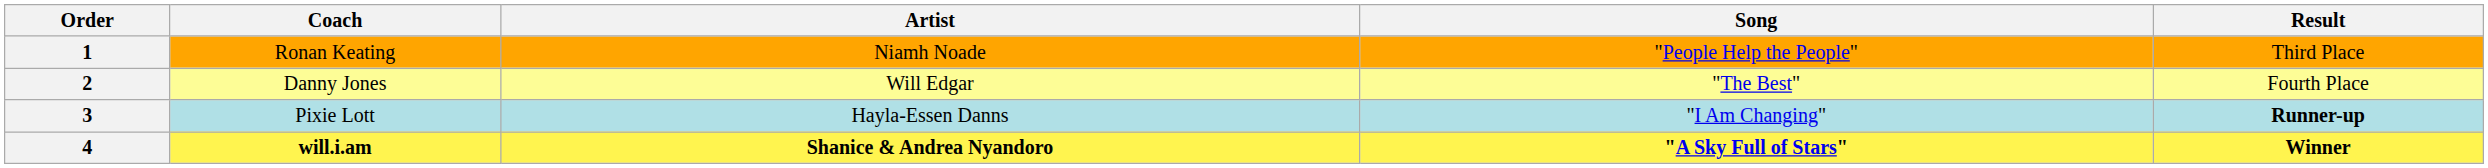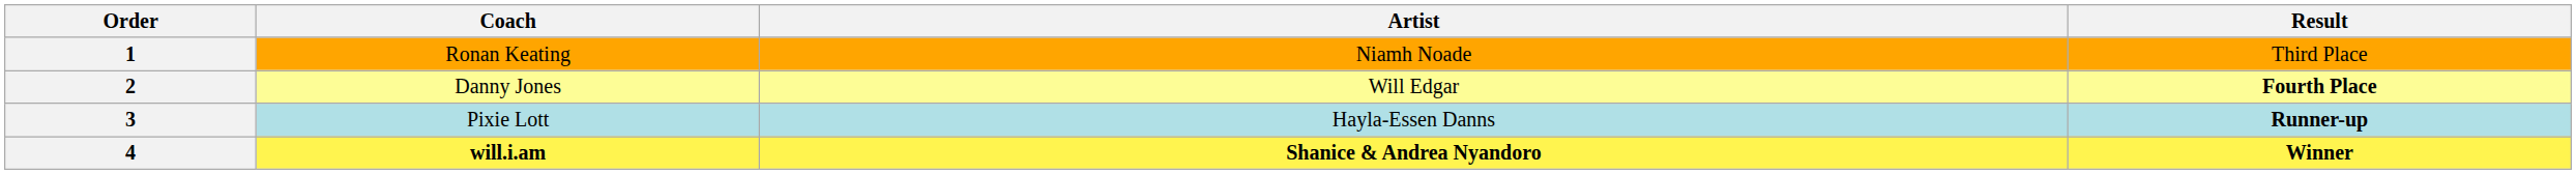 <table class="wikitable" style="text-align:center; width:100%">
 <tr>
 <th style="width:05%">Order</th>
 <th style="width:10%">Coach</th>
 <th style="width:26%">Artist</th>
-<th style="width:24%">Song</th>
 <th style="width:10%">Result</th>
 </tr>
 <tr>
 <th scope="col">1</th>
 <td style="background:orange">Ronan Keating</td>
 <td style="background:orange">Niamh Noade</td>
-<td style="background:orange">"<a href='#'>People Help the People</a>"</td>
 <td style="background:orange">Third Place</td>
 </tr>
 <tr>
 <th scope="col">2</th>
 <td style="background:#FDFD96">Danny Jones</td>
 <td style="background:#FDFD96">Will Edgar</td>
-<td style="background:#FDFD96">"<a href='#'>The Best</a>"</td>
-<td style="background:#FDFD96">Fourth Place</td>
+<td style="background:#FDFD96"><strong>Fourth Place</strong></td>
 </tr>
 <tr>
 <th scope="col">3</th>
 <td style="background:#B0E0E6">Pixie Lott</td>
 <td style="background:#B0E0E6">Hayla-Essen Danns</td>
-<td style="background:#B0E0E6">"<a href='#'>I Am Changing</a>"</td>
 <td style="background:#B0E0E6"><strong>Runner-up</strong></td>
 </tr>
 <tr>
 <th scope="col">4</th>
 <td style="background:#FFF44F"><strong>will.i.am</strong></td>
 <td style="background:#FFF44F"><strong>Shanice & Andrea Nyandoro</strong></td>
-<td style="background:#FFF44F"><strong>"<a href='#'>A Sky Full of Stars</a>"</strong></td>
 <td style="background:#FFF44F"><strong>Winner</strong></td>
 </tr>
 </table>
